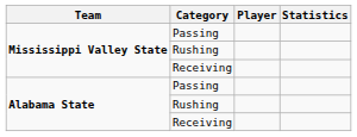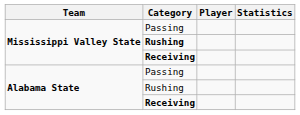 <table class="wikitable" style="float: right;">
 <tr>
 <th>Team</th>
 <th>Category</th>
 <th>Player</th>
 <th>Statistics</th>
 </tr>
 <tr>
 <td rowspan=3><strong>Mississippi Valley State</strong></td>
 <td>Passing</td>
 <td></td>
 <td></td>
 </tr>
 <tr>
-<td>Rushing</td>
+<td><strong>Rushing</strong></td>
 <td></td>
 <td></td>
 </tr>
 <tr>
-<td>Receiving</td>
+<td><strong>Receiving</strong></td>
 <td></td>
 <td></td>
 </tr>
 <tr>
 <td rowspan=3><strong>Alabama State</strong></td>
 <td>Passing</td>
 <td></td>
 <td></td>
 </tr>
 <tr>
 <td>Rushing</td>
 <td></td>
 <td></td>
 </tr>
 <tr>
-<td>Receiving</td>
+<td><strong>Receiving</strong></td>
 <td></td>
 <td></td>
 </tr>
 </table>
